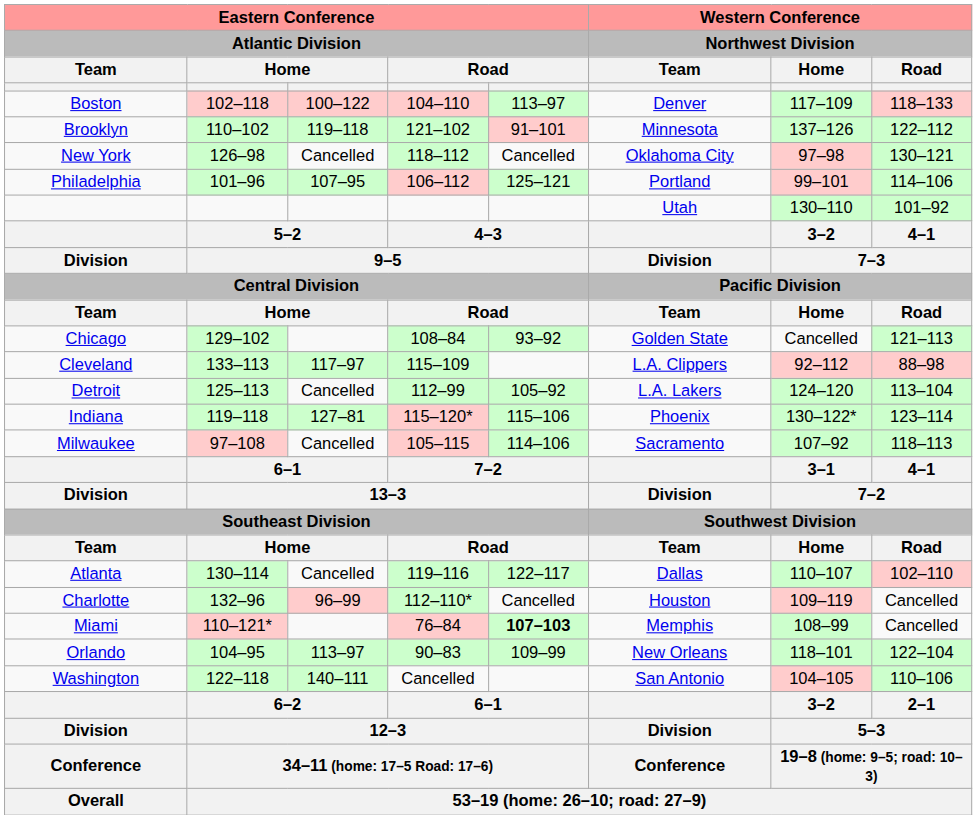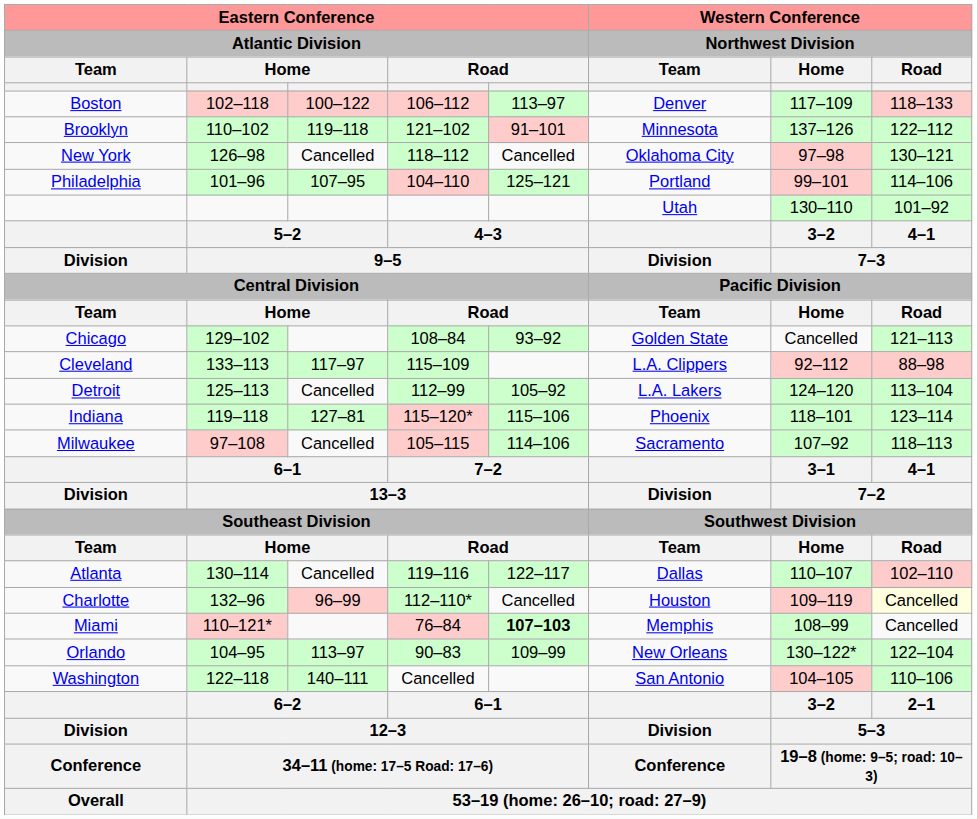 <table class="wikitable" style="font-size: 100%; text-align:center;">
 <tr>
 <th colspan="5" style="background:#FF9999;">Eastern Conference</th>
 <th colspan="3" style="background:#FF9999;">Western Conference</th>
 </tr>
 <tr>
 <th colspan="5" style="background:#BBBBBB;">Atlantic Division</th>
 <th colspan="3" style="background:#BBBBBB;">Northwest Division</th>
 </tr>
 <tr>
 <th colspan="1">Team</th>
 <th colspan="2">Home</th>
 <th colspan="2">Road</th>
 <th colspan="1">Team</th>
 <th colspan="1">Home</th>
 <th colspan="1">Road</th>
 </tr>
 <tr>
 <th width=170></th>
 <th width=90></th>
 <th width=90></th>
 <th width=90></th>
 <th width=90></th>
 <th width=170></th>
 <th width=90></th>
 <th width=90></th>
 </tr>
 <tr>
 <td><a href='#'>Boston</a></td>
 <td style="background:#fcc;">102–118</td>
 <td style="background:#fcc;">100–122</td>
-<td style="background:#fcc;">104–110</td>
+<td style="background:#fcc;">106–112</td>
 <td style="background:#cfc;">113–97</td>
 <td><a href='#'>Denver</a></td>
 <td style="background:#cfc;">117–109</td>
 <td style="background:#fcc;">118–133</td>
 </tr>
 <tr>
 <td><a href='#'>Brooklyn</a></td>
 <td style="background:#cfc;">110–102</td>
 <td style="background:#cfc;">119–118</td>
 <td style="background:#cfc;">121–102</td>
 <td style="background:#fcc;">91–101</td>
 <td><a href='#'>Minnesota</a></td>
 <td style="background:#cfc;">137–126</td>
 <td style="background:#cfc;">122–112</td>
 </tr>
 <tr>
 <td><a href='#'>New York</a></td>
 <td style="background:#cfc;">126–98</td>
 <td>Cancelled</td>
 <td style="background:#cfc;">118–112</td>
 <td>Cancelled</td>
 <td><a href='#'>Oklahoma City</a></td>
 <td style="background:#fcc;">97–98</td>
 <td style="background:#cfc;">130–121</td>
 </tr>
 <tr>
 <td><a href='#'>Philadelphia</a></td>
 <td style="background:#cfc;">101–96</td>
 <td style="background:#cfc;">107–95</td>
-<td style="background:#fcc;">106–112</td>
+<td style="background:#fcc;">104–110</td>
 <td style="background:#cfc;">125–121</td>
 <td><a href='#'>Portland</a></td>
 <td style="background:#fcc;">99–101</td>
 <td style="background:#cfc;">114–106</td>
 </tr>
 <tr>
 <td></td>
 <td></td>
 <td></td>
 <td></td>
 <td></td>
 <td><a href='#'>Utah</a></td>
 <td style="background:#cfc;">130–110</td>
 <td style="background:#cfc;">101–92</td>
 </tr>
 <tr>
 <th colspan="1"></th>
 <th colspan="2">5–2</th>
 <th colspan="2">4–3</th>
 <th colspan="1"></th>
 <th colspan="1">3–2</th>
 <th colspan="1">4–1</th>
 </tr>
 <tr>
 <th colspan="1">Division</th>
 <th colspan="4">9–5</th>
 <th colspan="1">Division</th>
 <th colspan="2">7–3</th>
 </tr>
 <tr>
 <th colspan="5" style="background:#BBBBBB;">Central Division</th>
 <th colspan="3" style="background:#BBBBBB;">Pacific Division</th>
 </tr>
 <tr>
 <th colspan="1">Team</th>
 <th colspan="2">Home</th>
 <th colspan="2">Road</th>
 <th colspan="1">Team</th>
 <th colspan="1">Home</th>
 <th colspan="1">Road</th>
 </tr>
 <tr>
 <td><a href='#'>Chicago</a></td>
 <td style="background:#cfc;">129–102</td>
 <td></td>
 <td style="background:#cfc;">108–84</td>
 <td style="background:#cfc;">93–92</td>
 <td><a href='#'>Golden State</a></td>
 <td>Cancelled</td>
 <td style="background:#cfc">121–113</td>
 </tr>
 <tr>
 <td><a href='#'>Cleveland</a></td>
 <td style="background:#cfc;">133–113</td>
 <td style="background:#cfc;">117–97</td>
 <td style="background:#cfc;">115–109</td>
 <td></td>
 <td><a href='#'>L.A. Clippers</a></td>
 <td style="background:#fcc;">92–112</td>
 <td style="background:#fcc;">88–98</td>
 </tr>
 <tr>
 <td><a href='#'>Detroit</a></td>
 <td style="background:#cfc;">125–113</td>
 <td>Cancelled</td>
 <td style="background:#cfc;">112–99</td>
 <td style="background:#cfc;">105–92</td>
 <td><a href='#'>L.A. Lakers</a></td>
 <td style="background:#cfc;">124–120</td>
 <td style="background:#cfc;">113–104</td>
 </tr>
 <tr>
 <td><a href='#'>Indiana</a></td>
 <td style="background:#cfc;">119–118</td>
 <td style="background:#cfc;">127–81</td>
 <td style="background:#fcc;">115–120*</td>
 <td style="background:#cfc;">115–106</td>
 <td><a href='#'>Phoenix</a></td>
-<td style="background:#cfc">130–122*</td>
+<td style="background:#cfc;">118–101</td>
 <td style="background:#cfc;">123–114</td>
 </tr>
 <tr>
 <td><a href='#'>Milwaukee</a></td>
 <td style="background:#fcc;">97–108</td>
 <td>Cancelled</td>
 <td style="background:#fcc;">105–115</td>
 <td style="background:#cfc;">114–106</td>
 <td><a href='#'>Sacramento</a></td>
 <td style="background:#cfc;">107–92</td>
 <td style="background:#cfc;">118–113</td>
 </tr>
 <tr>
 <th colspan="1"></th>
 <th colspan="2">6–1</th>
 <th colspan="2">7–2</th>
 <th colspan="1"></th>
 <th colspan="1">3–1</th>
 <th colspan="1">4–1</th>
 </tr>
 <tr>
 <th colspan="1">Division</th>
 <th colspan="4">13–3</th>
 <th colspan="1">Division</th>
 <th colspan="2">7–2</th>
 </tr>
 <tr>
 <th colspan="5" style="background:#BBBBBB;">Southeast Division</th>
 <th colspan="3" style="background:#BBBBBB;">Southwest Division</th>
 </tr>
 <tr>
 <th colspan="1">Team</th>
 <th colspan="2">Home</th>
 <th colspan="2">Road</th>
 <th colspan="1">Team</th>
 <th colspan="1">Home</th>
 <th colspan="1">Road</th>
 </tr>
 <tr>
 <td><a href='#'>Atlanta</a></td>
 <td style="background:#cfc;">130–114</td>
 <td>Cancelled</td>
 <td style="background:#cfc;">119–116</td>
 <td style="background:#cfc;">122–117</td>
 <td><a href='#'>Dallas</a></td>
 <td style="background:#cfc;">110–107</td>
 <td style="background:#fcc;">102–110</td>
 </tr>
 <tr>
 <td><a href='#'>Charlotte</a></td>
 <td style="background:#cfc;">132–96</td>
 <td style="background:#fcc;">96–99</td>
 <td style="background:#cfc;">112–110*</td>
 <td>Cancelled</td>
 <td><a href='#'>Houston</a></td>
 <td style="background:#fcc;">109–119</td>
-<td>Cancelled</td>
+<td style="background: lightyellow;">Cancelled</td>
 </tr>
 <tr>
 <td><a href='#'>Miami</a></td>
 <td style="background:#fcc;">110–121*</td>
 <td></td>
 <td style="background:#fcc;">76–84</td>
 <td style="background:#cfc;"><strong>107–103</strong></td>
 <td><a href='#'>Memphis</a></td>
 <td style="background:#cfc;">108–99</td>
 <td>Cancelled</td>
 </tr>
 <tr>
 <td><a href='#'>Orlando</a></td>
 <td style="background:#cfc;">104–95</td>
 <td style="background:#cfc;">113–97</td>
 <td style="background:#cfc;">90–83</td>
 <td style="background:#cfc;">109–99</td>
 <td><a href='#'>New Orleans</a></td>
-<td style="background:#cfc;">118–101</td>
+<td style="background:#cfc">130–122*</td>
 <td style="background:#cfc">122–104</td>
 </tr>
 <tr>
 <td><a href='#'>Washington</a></td>
 <td style="background:#cfc;">122–118</td>
 <td style="background:#cfc;">140–111</td>
 <td>Cancelled</td>
 <td></td>
 <td><a href='#'>San Antonio</a></td>
 <td style="background:#fcc;">104–105</td>
 <td style="background:#cfc;">110–106</td>
 </tr>
 <tr>
 <th colspan="1"></th>
 <th colspan="2">6–2</th>
 <th colspan="2">6–1</th>
 <th colspan="1"></th>
 <th colspan="1">3–2</th>
 <th colspan="1">2–1</th>
 </tr>
 <tr>
 <th colspan="1">Division</th>
 <th colspan="4">12–3</th>
 <th colspan="1">Division</th>
 <th colspan="2">5–3</th>
 </tr>
 <tr>
 <th colspan="1">Conference</th>
 <th colspan="4">34–11<small> (home: 17–5 Road: 17–6)</small></th>
 <th colspan="1">Conference</th>
 <th colspan="2">19–8<small> (home: 9–5; road: 10–3)</small></th>
 </tr>
 <tr>
 <th colspan="1">Overall</th>
 <th colspan="7">53–19 (home: 26–10; road: 27–9)</th>
 </tr>
 </table>
